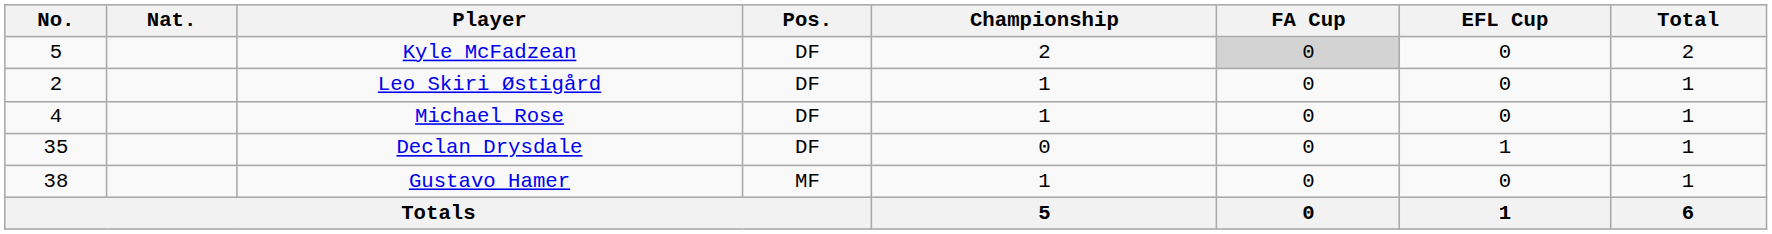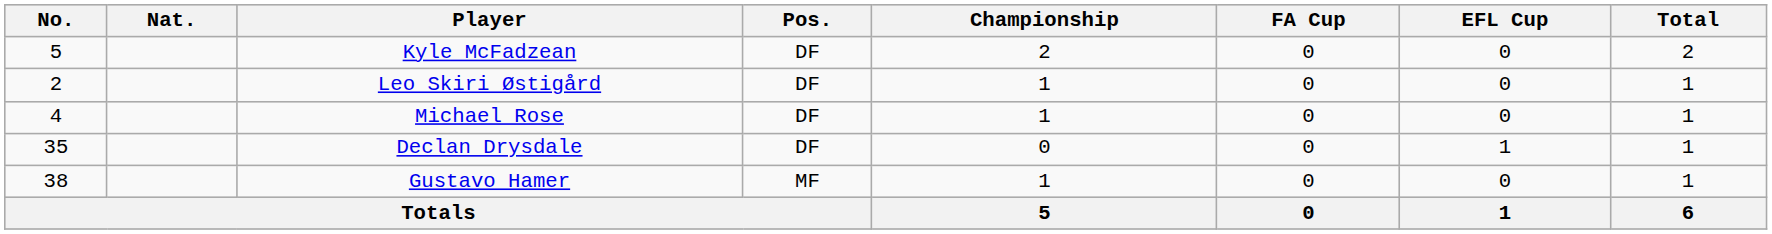 <table class="wikitable sortable alternance" style="font-size:100%; text-align:center; line-height:14px; width:70%;">
 <tr>
 <th>No.</th>
 <th>Nat.</th>
 <th>Player</th>
 <th>Pos.</th>
 <th>Championship</th>
 <th>FA Cup</th>
 <th>EFL Cup</th>
 <th>Total</th>
 </tr>
 <tr>
 <td>5</td>
 <td></td>
 <td><a href='#'>Kyle McFadzean</a></td>
 <td>DF</td>
 <td>2</td>
-<td style="background: lightgrey;">0</td>
+<td>0</td>
 <td>0</td>
 <td>2</td>
 </tr>
 <tr>
 <td>2</td>
 <td></td>
 <td><a href='#'>Leo Skiri Østigård</a></td>
 <td>DF</td>
 <td>1</td>
 <td>0</td>
 <td>0</td>
 <td>1</td>
 </tr>
 <tr>
 <td>4</td>
 <td></td>
 <td><a href='#'>Michael Rose</a></td>
 <td>DF</td>
 <td>1</td>
 <td>0</td>
 <td>0</td>
 <td>1</td>
 </tr>
 <tr>
 <td>35</td>
 <td></td>
 <td><a href='#'>Declan Drysdale</a></td>
 <td>DF</td>
 <td>0</td>
 <td>0</td>
 <td>1</td>
 <td>1</td>
 </tr>
 <tr>
 <td>38</td>
 <td></td>
 <td><a href='#'>Gustavo Hamer</a></td>
 <td>MF</td>
 <td>1</td>
 <td>0</td>
 <td>0</td>
 <td>1</td>
 </tr>
 <tr class="sortbottom">
 <th colspan="4">Totals</th>
 <th>5</th>
 <th>0</th>
 <th>1</th>
 <th>6</th>
 </tr>
 </table>
